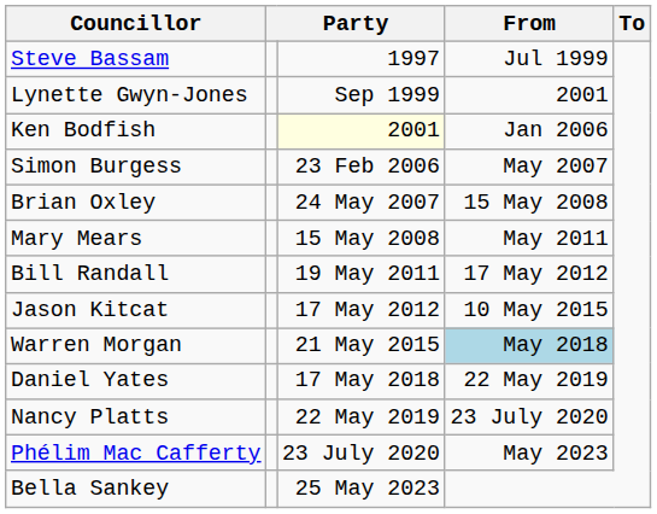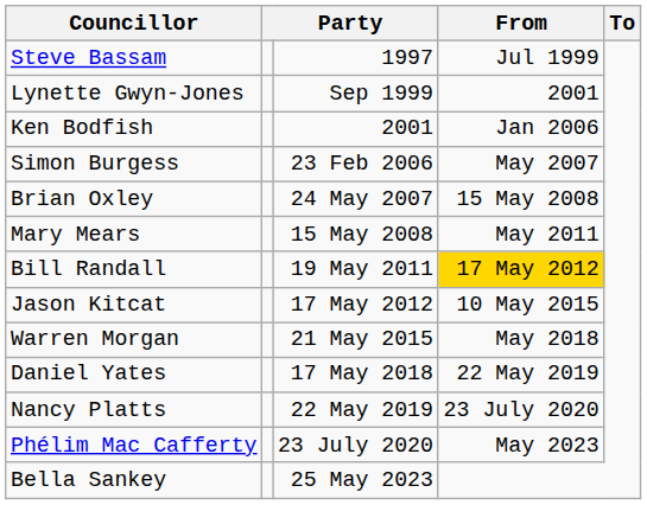 <table class=wikitable>
 <tr>
 <th>Councillor</th>
 <th colspan=2>Party</th>
 <th>From</th>
 <th>To</th>
 </tr>
 <tr>
 <td><a href='#'>Steve Bassam</a></td>
 <td></td>
 <td align=right>1997</td>
 <td align=right>Jul 1999</td>
 </tr>
 <tr>
 <td>Lynette Gwyn-Jones</td>
 <td></td>
 <td align=right>Sep 1999</td>
 <td align=right>2001</td>
 </tr>
 <tr>
 <td>Ken Bodfish</td>
 <td></td>
-<td align=right style="background: lightyellow;">2001</td>
+<td align=right>2001</td>
 <td align=right>Jan 2006</td>
 </tr>
 <tr>
 <td>Simon Burgess</td>
 <td></td>
 <td align=right>23 Feb 2006</td>
 <td align=right>May 2007</td>
 </tr>
 <tr>
 <td>Brian Oxley</td>
 <td></td>
 <td align=right>24 May 2007</td>
 <td align=right>15 May 2008</td>
 </tr>
 <tr>
 <td>Mary Mears</td>
 <td></td>
 <td align=right>15 May 2008</td>
 <td align=right>May 2011</td>
 </tr>
 <tr>
 <td>Bill Randall</td>
 <td></td>
 <td align=right>19 May 2011</td>
-<td align=right>17 May 2012</td>
+<td align=right style="background: gold;">17 May 2012</td>
 </tr>
 <tr>
 <td>Jason Kitcat</td>
 <td></td>
 <td align=right>17 May 2012</td>
 <td align=right>10 May 2015</td>
 </tr>
 <tr>
 <td>Warren Morgan</td>
 <td></td>
 <td align=right>21 May 2015</td>
-<td align=right style="background: lightblue;">May 2018</td>
+<td align=right>May 2018</td>
 </tr>
 <tr>
 <td>Daniel Yates</td>
 <td></td>
 <td align=right>17 May 2018</td>
 <td align=right>22 May 2019</td>
 </tr>
 <tr>
 <td>Nancy Platts</td>
 <td></td>
 <td align=right>22 May 2019</td>
 <td align=right>23 July 2020</td>
 </tr>
 <tr>
 <td><a href='#'>Phélim Mac Cafferty</a></td>
 <td></td>
 <td align=right>23 July 2020</td>
 <td align=right>May 2023</td>
 </tr>
 <tr>
 <td>Bella Sankey</td>
 <td></td>
 <td align=right>25 May 2023</td>
 </tr>
 </table>
